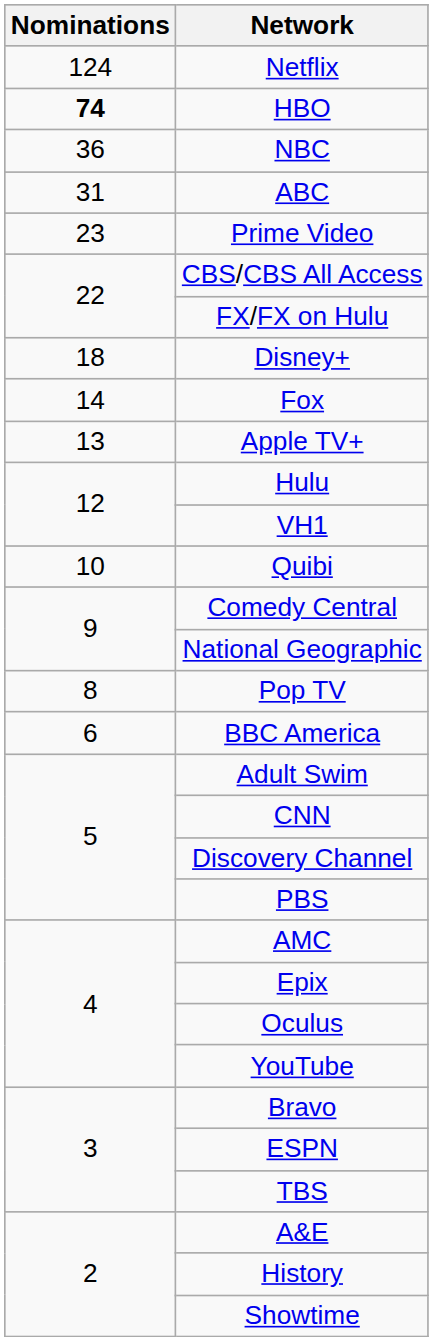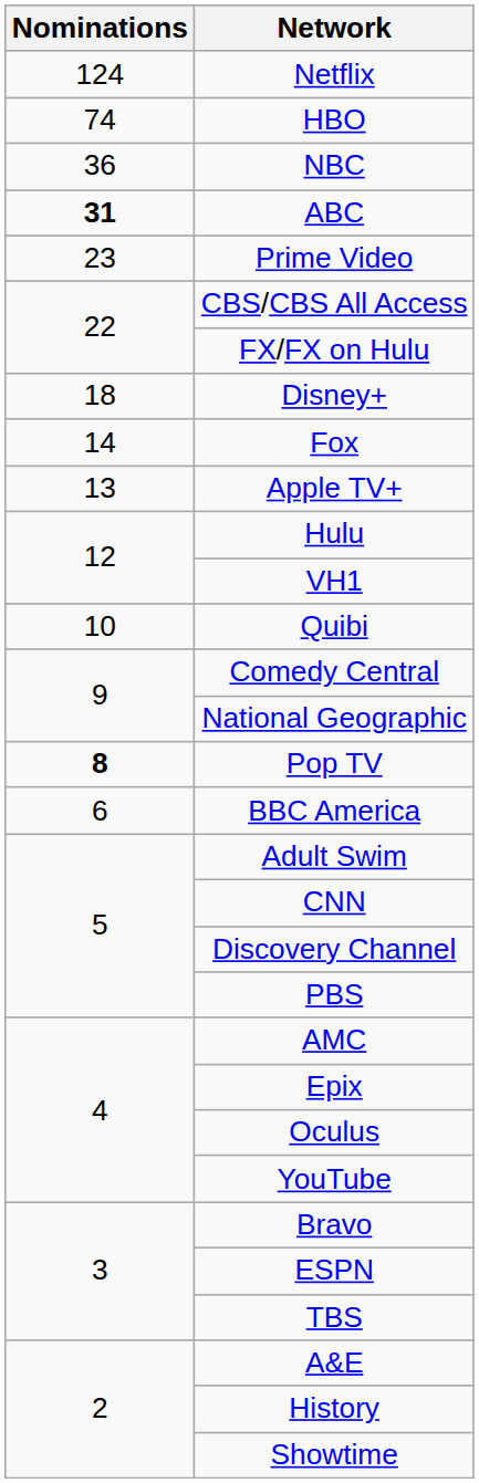 <table class="wikitable sortable" style="text-align: center; max-width:29em">
 <tr>
 <th scope="col">Nominations</th>
 <th scope="col">Network</th>
 </tr>
 <tr>
 <td scope="row">124</td>
 <td><a href='#'>Netflix</a></td>
 </tr>
 <tr>
-<td scope="row"><strong>74</strong></td>
+<td scope="row">74</td>
 <td><a href='#'>HBO</a></td>
 </tr>
 <tr>
 <td scope="row">36</td>
 <td><a href='#'>NBC</a></td>
 </tr>
 <tr>
-<td scope="row">31</td>
+<td scope="row"><strong>31</strong></td>
 <td><a href='#'>ABC</a></td>
 </tr>
 <tr>
 <td scope="row">23</td>
 <td><a href='#'>Prime Video</a></td>
 </tr>
 <tr>
 <td scope="row" rowspan="2">22</td>
 <td><a href='#'>CBS</a>/<a href='#'>CBS All Access</a></td>
 </tr>
 <tr>
 <td><a href='#'>FX</a>/<a href='#'>FX on Hulu</a></td>
 </tr>
 <tr>
 <td scope="row">18</td>
 <td><a href='#'>Disney+</a></td>
 </tr>
 <tr>
 <td scope="row">14</td>
 <td><a href='#'>Fox</a></td>
 </tr>
 <tr>
 <td scope="row">13</td>
 <td><a href='#'>Apple TV+</a></td>
 </tr>
 <tr>
 <td scope="row" rowspan="2">12</td>
 <td><a href='#'>Hulu</a></td>
 </tr>
 <tr>
 <td><a href='#'>VH1</a></td>
 </tr>
 <tr>
 <td scope="row">10</td>
 <td><a href='#'>Quibi</a></td>
 </tr>
 <tr>
 <td scope="row" rowspan="2">9</td>
 <td><a href='#'>Comedy Central</a></td>
 </tr>
 <tr>
 <td><a href='#'>National Geographic</a></td>
 </tr>
 <tr>
-<td scope="row">8</td>
+<td scope="row"><strong>8</strong></td>
 <td><a href='#'>Pop TV</a></td>
 </tr>
 <tr>
 <td scope="row">6</td>
 <td><a href='#'>BBC America</a></td>
 </tr>
 <tr>
 <td scope="row" rowspan="4">5</td>
 <td><a href='#'>Adult Swim</a></td>
 </tr>
 <tr>
 <td><a href='#'>CNN</a></td>
 </tr>
 <tr>
 <td><a href='#'>Discovery Channel</a></td>
 </tr>
 <tr>
 <td><a href='#'>PBS</a></td>
 </tr>
 <tr>
 <td scope="row" rowspan="4">4</td>
 <td><a href='#'>AMC</a></td>
 </tr>
 <tr>
 <td><a href='#'>Epix</a></td>
 </tr>
 <tr>
 <td><a href='#'>Oculus</a></td>
 </tr>
 <tr>
 <td><a href='#'>YouTube</a></td>
 </tr>
 <tr>
 <td scope="row" rowspan="3">3</td>
 <td><a href='#'>Bravo</a></td>
 </tr>
 <tr>
 <td><a href='#'>ESPN</a></td>
 </tr>
 <tr>
 <td><a href='#'>TBS</a></td>
 </tr>
 <tr>
 <td scope="row" rowspan="3">2</td>
 <td><a href='#'>A&E</a></td>
 </tr>
 <tr>
 <td><a href='#'>History</a></td>
 </tr>
 <tr>
 <td><a href='#'>Showtime</a></td>
 </tr>
 </table>
